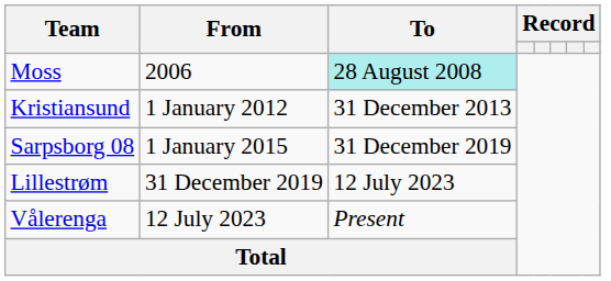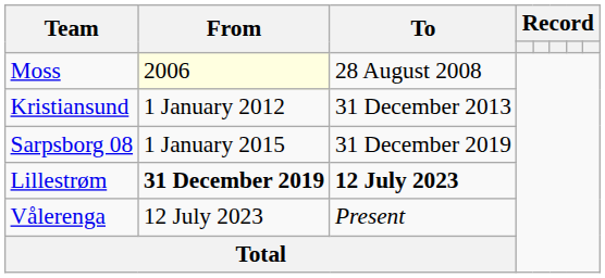 <table class=wikitable style="text-align: center">
 <tr>
 <th rowspan=2>Team</th>
 <th rowspan=2>From</th>
 <th rowspan=2>To</th>
 <th colspan=5>Record</th>
 </tr>
 <tr>
 <th></th>
 <th></th>
 <th></th>
 <th></th>
 <th></th>
 </tr>
 <tr>
 <td align=left><a href='#'>Moss</a></td>
-<td align=left>2006</td>
-<td align=left style="background: paleturquoise;">28 August 2008<br></td>
+<td align=left style="background: lightyellow;">2006</td>
+<td align=left>28 August 2008<br></td>
 </tr>
 <tr>
 <td align=left><a href='#'>Kristiansund</a></td>
 <td align=left>1 January 2012</td>
 <td align=left>31 December 2013<br></td>
 </tr>
 <tr>
 <td align=left><a href='#'>Sarpsborg 08</a></td>
 <td align=left>1 January 2015</td>
 <td align=left>31 December 2019<br></td>
 </tr>
 <tr>
 <td align=left><a href='#'>Lillestrøm</a></td>
-<td align=left>31 December 2019</td>
-<td align=left>12 July 2023<br></td>
+<td align=left><strong>31 December 2019</strong></td>
+<td align=left><strong>12 July 2023<br></strong></td>
 </tr>
 <tr>
 <td align=left><a href='#'>Vålerenga</a></td>
 <td align=left>12 July 2023</td>
 <td align=left><em>Present</em><br></td>
 </tr>
 <tr>
 <th colspan=3>Total<br></th>
 </tr>
 </table>
